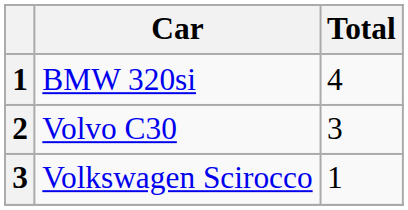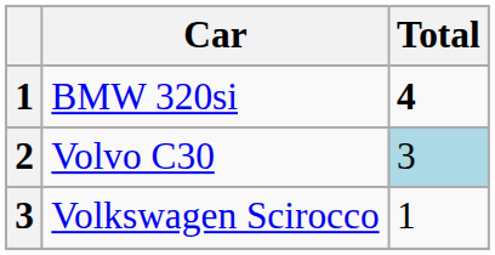 <table class="wikitable" style="font-size:100%;">
 <tr>
 <th></th>
 <th>Car</th>
 <th>Total</th>
 </tr>
 <tr>
 <th>1</th>
 <td><a href='#'>BMW 320si</a></td>
-<td>4</td>
+<td><strong>4</strong></td>
 </tr>
 <tr>
 <th>2</th>
 <td><a href='#'>Volvo C30</a></td>
-<td>3</td>
+<td style="background: lightblue;">3</td>
 </tr>
 <tr>
 <th>3</th>
 <td><a href='#'>Volkswagen Scirocco</a></td>
 <td>1</td>
 </tr>
 <tr>
 </tr>
 </table>
